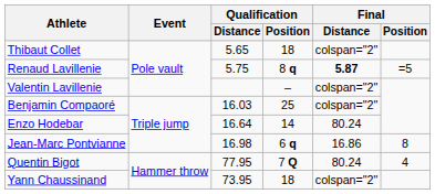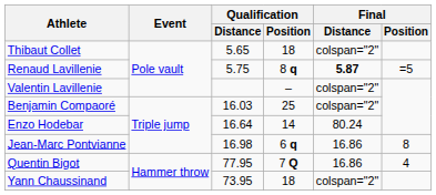 <table class="wikitable" style="font-size:90%">
 <tr>
 <th rowspan="2">Athlete</th>
 <th rowspan="2">Event</th>
 <th colspan="2">Qualification</th>
 <th colspan="2">Final</th>
 </tr>
 <tr style="font-size:95%">
 <th>Distance</th>
 <th>Position</th>
 <th>Distance</th>
 <th>Position</th>
 </tr>
 <tr align="center">
 <td align="left"><a href='#'>Thibaut Collet</a></td>
 <td rowspan="3" align="left"><a href='#'>Pole vault</a></td>
 <td>5.65</td>
 <td>18</td>
 <td>colspan="2" </td>
 </tr>
 <tr align="center">
 <td align="left"><a href='#'>Renaud Lavillenie</a></td>
 <td>5.75</td>
 <td>8 <strong>q</strong></td>
 <td><strong>5.87 </strong></td>
 <td>=5</td>
 </tr>
 <tr align="center">
 <td align="left"><a href='#'>Valentin Lavillenie</a></td>
 <td></td>
 <td>–</td>
 <td>colspan="2" </td>
 </tr>
 <tr align="center">
 <td align="left"><a href='#'>Benjamin Compaoré</a></td>
 <td rowspan="3" align="left"><a href='#'>Triple jump</a></td>
 <td>16.03</td>
 <td>25</td>
 <td>colspan="2" </td>
 </tr>
 <tr align="center">
 <td align="left"><a href='#'>Enzo Hodebar</a></td>
 <td>16.64</td>
 <td>14</td>
 <td>80.24</td>
 </tr>
 <tr align="center">
 <td align="left"><a href='#'>Jean-Marc Pontvianne</a></td>
 <td>16.98</td>
 <td>6 <strong>q</strong></td>
 <td>16.86</td>
 <td>8</td>
 </tr>
 <tr align="center">
 <td align="left"><a href='#'>Quentin Bigot</a></td>
 <td rowspan="2" align="left"><a href='#'>Hammer throw</a></td>
 <td>77.95</td>
 <td>7 <strong>Q</strong></td>
-<td>80.24</td>
+<td>16.86</td>
 <td>4</td>
 </tr>
 <tr align="center">
 <td align="left"><a href='#'>Yann Chaussinand</a></td>
 <td>73.95</td>
 <td>18</td>
 <td>colspan="2" </td>
 </tr>
 </table>
